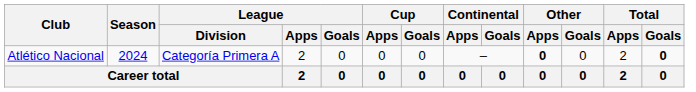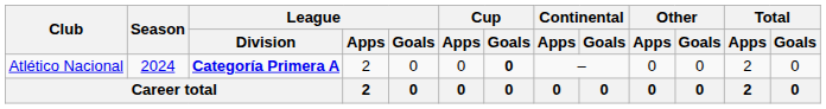 <table class=wikitable style=text-align:center>
 <tr>
 <th rowspan="2">Club</th>
 <th rowspan="2">Season</th>
 <th colspan="3">League</th>
 <th colspan="2">Cup</th>
 <th colspan="2">Continental</th>
 <th colspan="2">Other</th>
 <th colspan="2">Total</th>
 </tr>
 <tr>
 <th>Division</th>
 <th>Apps</th>
 <th>Goals</th>
 <th>Apps</th>
 <th>Goals</th>
 <th>Apps</th>
 <th>Goals</th>
 <th>Apps</th>
 <th>Goals</th>
 <th>Apps</th>
 <th>Goals</th>
 </tr>
 <tr>
 <td><a href='#'>Atlético Nacional</a></td>
 <td><a href='#'>2024</a></td>
-<td><a href='#'>Categoría Primera A</a></td>
+<td><strong><a href='#'>Categoría Primera A</a></strong></td>
 <td>2</td>
 <td>0</td>
 <td>0</td>
+<td><strong>0</strong></td>
+<td colspan="2">–</td>
 <td>0</td>
-<td colspan="2">–</td>
-<td><strong>0</strong></td>
 <td>0</td>
 <td>2</td>
-<td><strong>0</strong></td>
+<td>0</td>
 </tr>
 <tr>
 <th colspan="3"><strong>Career total</strong></th>
 <th>2</th>
 <th>0</th>
 <th>0</th>
 <th>0</th>
 <th>0</th>
 <th>0</th>
 <th>0</th>
 <th>0</th>
 <th>2</th>
 <th>0</th>
 </tr>
 </table>
